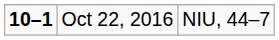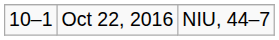 <table class="wikitable">
 <tr align="center">
 </tr>
 <tr align="center">
-<td><strong>10–1</strong></td>
+<td>10–1</td>
 <td>Oct 22, 2016</td>
 <td>NIU, 44–7</td>
 </tr>
 </table>
